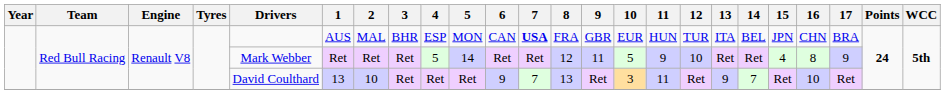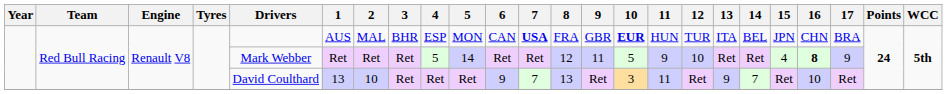 <table class="wikitable" style="text-align:center; font-size:95%">
 <tr>
 <th>Year</th>
 <th>Team</th>
 <th>Engine</th>
 <th>Tyres</th>
 <th>Drivers</th>
 <th>1</th>
 <th>2</th>
 <th>3</th>
 <th>4</th>
 <th>5</th>
 <th>6</th>
 <th>7</th>
 <th>8</th>
 <th>9</th>
 <th>10</th>
 <th>11</th>
 <th>12</th>
 <th>13</th>
 <th>14</th>
 <th>15</th>
 <th>16</th>
 <th>17</th>
 <th>Points</th>
 <th>WCC</th>
 </tr>
 <tr>
 <td rowspan="3"></td>
 <td rowspan="3"><a href='#'>Red Bull Racing</a></td>
 <td rowspan="3"><a href='#'>Renault</a> <a href='#'>V8</a></td>
 <td rowspan="3"></td>
 <td></td>
 <td><a href='#'>AUS</a></td>
 <td><a href='#'>MAL</a></td>
 <td><a href='#'>BHR</a></td>
 <td><a href='#'>ESP</a></td>
 <td><a href='#'>MON</a></td>
 <td><a href='#'>CAN</a></td>
 <td><strong><a href='#'>USA</a></strong></td>
 <td><a href='#'>FRA</a></td>
 <td><a href='#'>GBR</a></td>
-<td><a href='#'>EUR</a></td>
+<td><strong><a href='#'>EUR</a></strong></td>
 <td><a href='#'>HUN</a></td>
 <td><a href='#'>TUR</a></td>
 <td><a href='#'>ITA</a></td>
 <td><a href='#'>BEL</a></td>
 <td><a href='#'>JPN</a></td>
 <td><a href='#'>CHN</a></td>
 <td><a href='#'>BRA</a></td>
 <td rowspan="3"><strong>24</strong></td>
 <td rowspan="3"><strong>5th</strong></td>
 </tr>
 <tr>
 <td> <a href='#'>Mark Webber</a></td>
 <td style="background:#EFCFFF;">Ret</td>
 <td style="background:#EFCFFF;">Ret</td>
 <td style="background:#EFCFFF;">Ret</td>
 <td style="background:#DFFFDF;">5</td>
 <td style="background:#CFCFFF;">14</td>
 <td style="background:#EFCFFF;">Ret</td>
 <td style="background:#EFCFFF;">Ret</td>
 <td style="background:#CFCFFF;">12</td>
 <td style="background:#CFCFFF;">11</td>
 <td style="background:#DFFFDF;">5</td>
 <td style="background:#CFCFFF;">9</td>
 <td style="background:#CFCFFF;">10</td>
 <td style="background:#EFCFFF;">Ret</td>
 <td style="background:#EFCFFF;">Ret</td>
 <td style="background:#DFFFDF;">4</td>
-<td style="background:#DFFFDF;">8</td>
+<td style="background:#DFFFDF;"><strong>8</strong></td>
 <td style="background:#CFCFFF;">9</td>
 </tr>
 <tr>
 <td> <a href='#'>David Coulthard</a></td>
 <td style="background:#CFCFFF;">13</td>
 <td style="background:#CFCFFF;">10</td>
 <td style="background:#EFCFFF;">Ret</td>
 <td style="background:#EFCFFF;">Ret</td>
 <td style="background:#EFCFFF;">Ret</td>
 <td style="background:#CFCFFF;">9</td>
 <td style="background:#DFFFDF;">7</td>
 <td style="background:#CFCFFF;">13</td>
 <td style="background:#EFCFFF;">Ret</td>
 <td style="background:#FFDF9F;">3</td>
 <td style="background:#CFCFFF;">11</td>
 <td style="background:#EFCFFF;">Ret</td>
 <td style="background:#CFCFFF;">9</td>
 <td style="background:#DFFFDF;">7</td>
 <td style="background:#EFCFFF;">Ret</td>
 <td style="background:#CFCFFF;">10</td>
 <td style="background:#EFCFFF;">Ret</td>
 </tr>
 <tr>
 </tr>
 </table>
